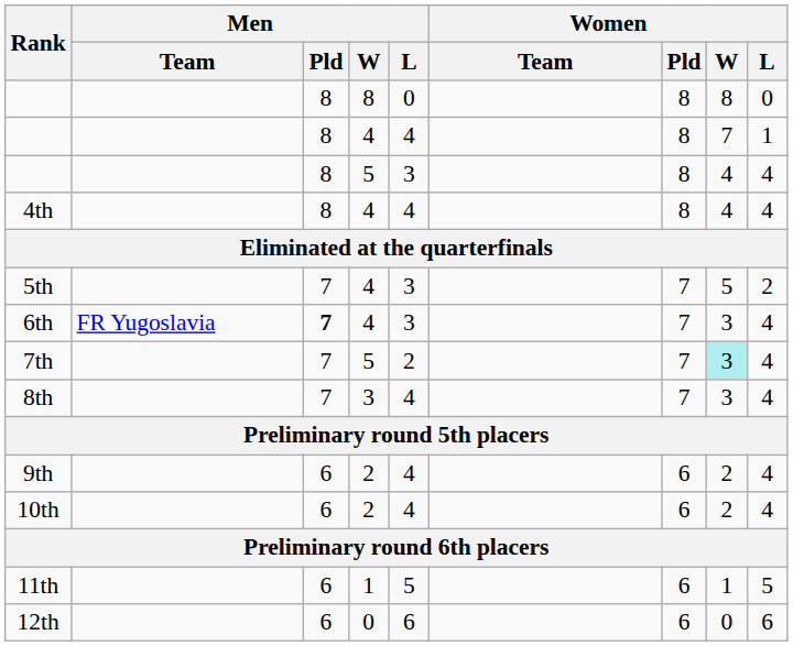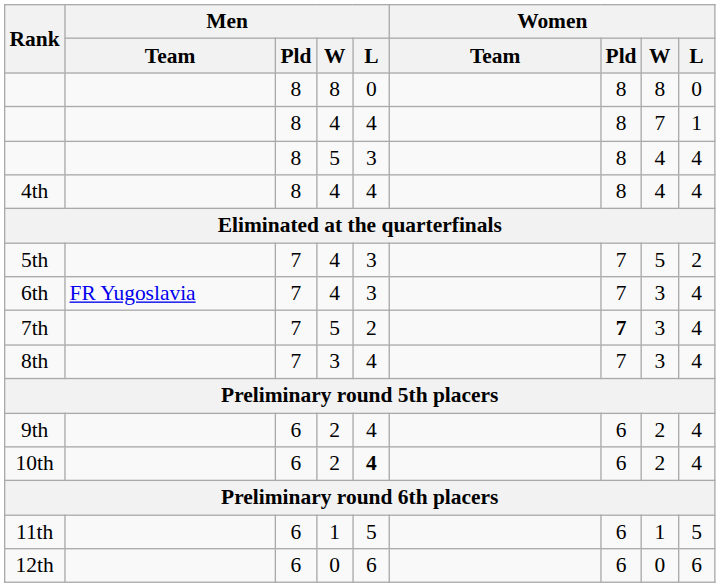 <table class=wikitable>
 <tr>
 <th rowspan=2>Rank</th>
 <th colspan=4>Men</th>
 <th colspan=4>Women</th>
 </tr>
 <tr>
 <th width=150px>Team</th>
 <th width=20px>Pld</th>
 <th width=20px>W</th>
 <th width=20px>L</th>
 <th width=150px>Team</th>
 <th width=20px>Pld</th>
 <th width=20px>W</th>
 <th width=20px>L</th>
 </tr>
 <tr align=center>
 <td></td>
 <td align=left></td>
 <td>8</td>
 <td>8</td>
 <td>0</td>
 <td align=left></td>
 <td>8</td>
 <td>8</td>
 <td>0</td>
 </tr>
 <tr align=center>
 <td></td>
 <td align=left></td>
 <td>8</td>
 <td>4</td>
 <td>4</td>
 <td align=left></td>
 <td>8</td>
 <td>7</td>
 <td>1</td>
 </tr>
 <tr align=center>
 <td></td>
 <td align=left></td>
 <td>8</td>
 <td>5</td>
 <td>3</td>
 <td align=left></td>
 <td>8</td>
 <td>4</td>
 <td>4</td>
 </tr>
 <tr align=center>
 <td>4th</td>
 <td align=left></td>
 <td>8</td>
 <td>4</td>
 <td>4</td>
 <td align=left></td>
 <td>8</td>
 <td>4</td>
 <td>4</td>
 </tr>
 <tr>
 <th colspan=9>Eliminated at the quarterfinals</th>
 </tr>
 <tr align=center>
 <td>5th</td>
 <td align=left></td>
 <td>7</td>
 <td>4</td>
 <td>3</td>
 <td align=left></td>
 <td>7</td>
 <td>5</td>
 <td>2</td>
 </tr>
 <tr align=center>
 <td>6th</td>
 <td align=left> <a href='#'>FR Yugoslavia</a></td>
-<td><strong>7</strong></td>
+<td>7</td>
 <td>4</td>
 <td>3</td>
 <td align=left></td>
 <td>7</td>
 <td>3</td>
 <td>4</td>
 </tr>
 <tr align=center>
 <td>7th</td>
 <td align=left></td>
 <td>7</td>
 <td>5</td>
 <td>2</td>
 <td align=left></td>
-<td>7</td>
-<td style="background: paleturquoise;">3</td>
+<td><strong>7</strong></td>
+<td>3</td>
 <td>4</td>
 </tr>
 <tr align=center>
 <td>8th</td>
 <td align=left></td>
 <td>7</td>
 <td>3</td>
 <td>4</td>
 <td align=left></td>
 <td>7</td>
 <td>3</td>
 <td>4</td>
 </tr>
 <tr>
 <th colspan=9>Preliminary round 5th placers</th>
 </tr>
 <tr align=center>
 <td>9th</td>
 <td align=left></td>
 <td>6</td>
 <td>2</td>
 <td>4</td>
 <td align=left></td>
 <td>6</td>
 <td>2</td>
 <td>4</td>
 </tr>
 <tr align=center>
 <td>10th</td>
 <td align=left></td>
 <td>6</td>
 <td>2</td>
-<td>4</td>
+<td><strong>4</strong></td>
 <td align=left></td>
 <td>6</td>
 <td>2</td>
 <td>4</td>
 </tr>
 <tr>
 <th colspan=9>Preliminary round 6th placers</th>
 </tr>
 <tr align=center>
 <td>11th</td>
 <td align=left></td>
 <td>6</td>
 <td>1</td>
 <td>5</td>
 <td align=left></td>
 <td>6</td>
 <td>1</td>
 <td>5</td>
 </tr>
 <tr align=center>
 <td>12th</td>
 <td align=left></td>
 <td>6</td>
 <td>0</td>
 <td>6</td>
 <td align=left></td>
 <td>6</td>
 <td>0</td>
 <td>6</td>
 </tr>
 </table>
